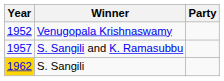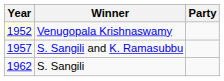 <table class="wikitable">
 <tr>
 <th>Year</th>
 <th>Winner</th>
 <th colspan="2">Party</th>
 </tr>
 <tr>
-<td><a href='#'>1952</a></td>
+<td style="background: lightyellow;"><a href='#'>1952</a></td>
 <td><a href='#'>Venugopala Krishnaswamy</a></td>
 <td></td>
 </tr>
 <tr>
 <td><a href='#'>1957</a></td>
 <td><a href='#'>S. Sangili</a> and <a href='#'>K. Ramasubbu</a></td>
 <td></td>
 </tr>
 <tr>
-<td style="background: gold;"><a href='#'>1962</a></td>
+<td><a href='#'>1962</a></td>
 <td>S. Sangili</td>
 <td></td>
 </tr>
 </table>
